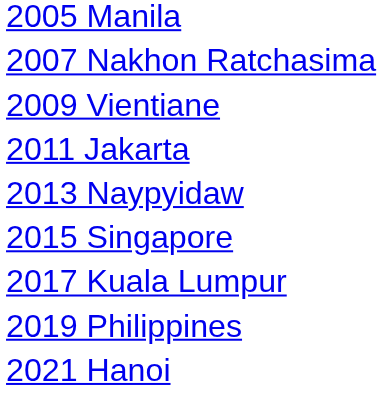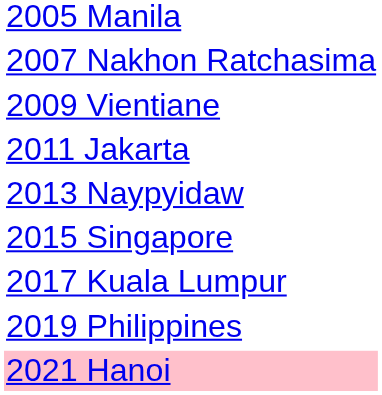 <table>
 <tr>
 <td><a href='#'>2005 Manila</a></td>
 <td></td>
 <td></td>
 <td></td>
 </tr>
 <tr>
 <td><a href='#'>2007 Nakhon Ratchasima</a></td>
 <td></td>
 <td></td>
 <td></td>
 </tr>
 <tr>
 <td><a href='#'>2009 Vientiane</a></td>
 <td></td>
 <td></td>
 <td></td>
 </tr>
 <tr>
 <td><a href='#'>2011 Jakarta</a></td>
 <td></td>
 <td></td>
 <td></td>
 </tr>
 <tr>
 <td><a href='#'>2013 Naypyidaw</a></td>
 <td></td>
 <td></td>
 <td></td>
 </tr>
 <tr>
 <td><a href='#'>2015 Singapore</a></td>
 <td></td>
 <td></td>
 <td></td>
 </tr>
 <tr>
 <td><a href='#'>2017 Kuala Lumpur</a></td>
 <td></td>
 <td></td>
 <td></td>
 </tr>
 <tr>
 <td><a href='#'>2019 Philippines</a></td>
 <td></td>
 <td></td>
 <td></td>
 </tr>
 <tr>
-<td><a href='#'>2021 Hanoi</a></td>
+<td style="background: pink;"><a href='#'>2021 Hanoi</a></td>
 <td></td>
 <td></td>
 <td></td>
 </tr>
 </table>
